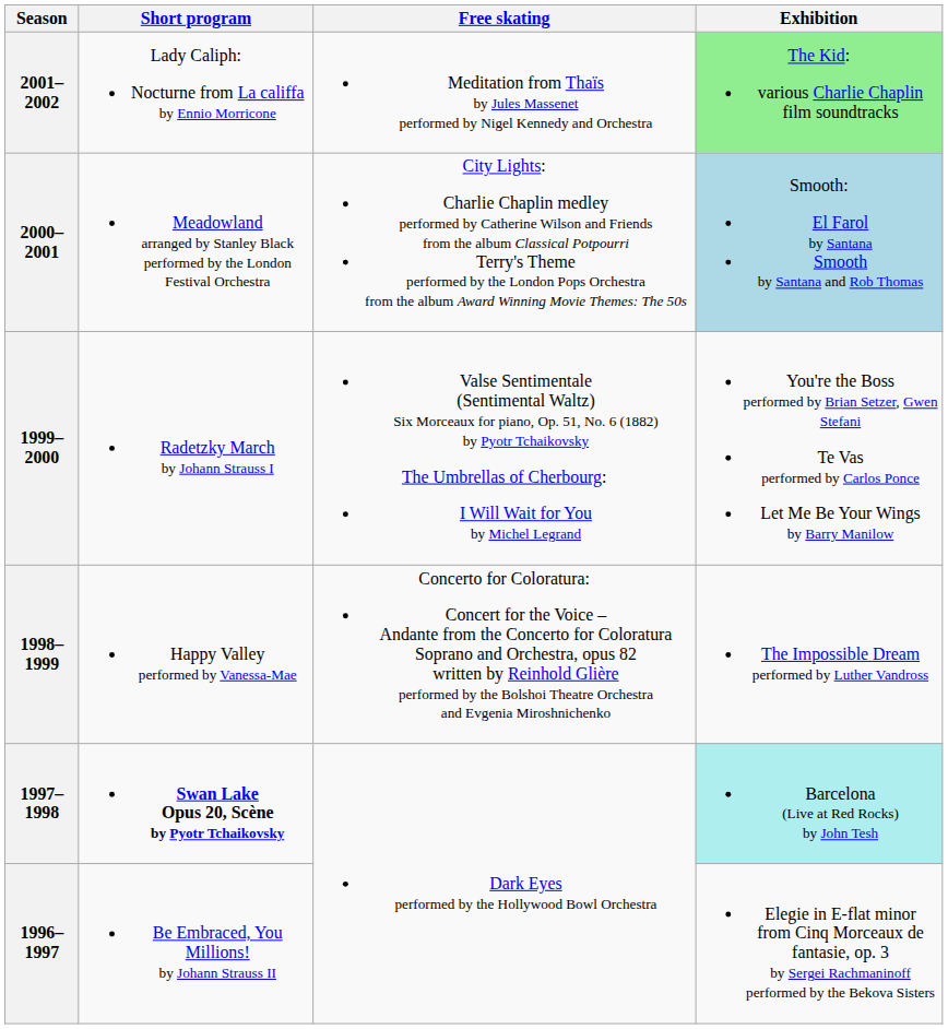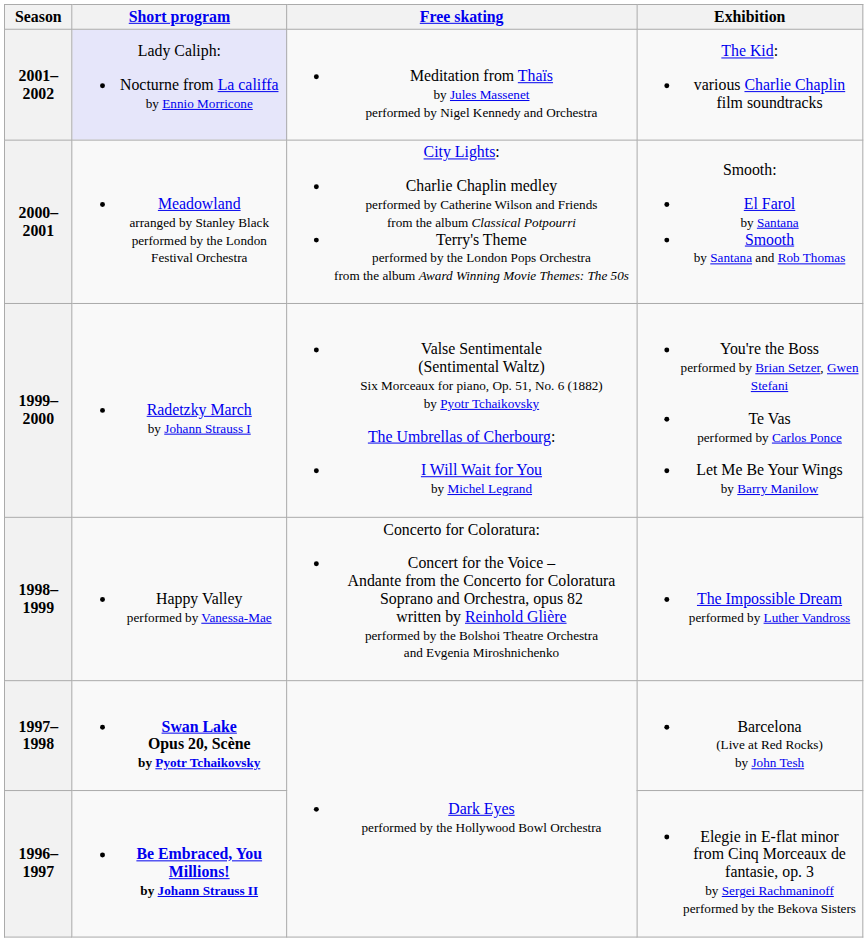 <table class="wikitable" style="text-align:center">
 <tr>
 <th>Season</th>
 <th><a href='#'>Short program</a></th>
 <th><a href='#'>Free skating</a></th>
 <th>Exhibition</th>
 </tr>
 <tr>
 <th>2001–2002 <br> </th>
-<td>Lady Caliph:<br><ul><li>Nocturne from <a href='#'>La califfa</a> <br><small> by <a href='#'>Ennio Morricone</a> </small></li></ul></td>
+<td style="background: lavender;">Lady Caliph:<br><ul><li>Nocturne from <a href='#'>La califfa</a> <br><small> by <a href='#'>Ennio Morricone</a> </small></li></ul></td>
 <td><br><ul><li>Meditation from <a href='#'>Thaïs</a> <br><small> by <a href='#'>Jules Massenet</a> <br> performed by Nigel Kennedy and Orchestra</small></li></ul></td>
-<td style="background: lightgreen;"><a href='#'>The Kid</a>:<br><ul><li>various <a href='#'>Charlie Chaplin</a> film soundtracks</li></ul></td>
+<td><a href='#'>The Kid</a>:<br><ul><li>various <a href='#'>Charlie Chaplin</a> film soundtracks</li></ul></td>
 </tr>
 <tr>
 <th>2000–2001 <br> </th>
 <td><br><ul><li><a href='#'>Meadowland</a> <br><small> arranged by Stanley Black <br> performed by the London Festival Orchestra </small></li></ul></td>
 <td><a href='#'>City Lights</a>:<br><ul><li>Charlie Chaplin medley <br><small> performed by Catherine Wilson and Friends <br> from the album <em>Classical Potpourri</em></small></li><li>Terry's Theme <br><small> performed by the London Pops Orchestra <br> from the album <em>Award Winning Movie Themes: The 50s</em> </small></li></ul></td>
-<td style="background: lightblue;">Smooth:<br><ul><li><a href='#'>El Farol</a> <br><small> by <a href='#'>Santana</a> </small></li><li><a href='#'>Smooth</a> <br><small> by <a href='#'>Santana</a> and <a href='#'>Rob Thomas</a> </small></li></ul></td>
+<td>Smooth:<br><ul><li><a href='#'>El Farol</a> <br><small> by <a href='#'>Santana</a> </small></li><li><a href='#'>Smooth</a> <br><small> by <a href='#'>Santana</a> and <a href='#'>Rob Thomas</a> </small></li></ul></td>
 </tr>
 <tr>
 <th>1999–2000</th>
 <td><br><ul><li><a href='#'>Radetzky March</a> <br><small> by <a href='#'>Johann Strauss I</a> </small></li></ul></td>
 <td><br><ul><li>Valse Sentimentale <br> (Sentimental Waltz) <br><small> Six Morceaux for piano, Op. 51, No. 6 (1882) <br> by <a href='#'>Pyotr Tchaikovsky</a> </small></li></ul><a href='#'>The Umbrellas of Cherbourg</a>:<ul><li><a href='#'>I Will Wait for You</a> <br><small> by <a href='#'>Michel Legrand</a> </small></li></ul></td>
 <td><br><ul><li>You're the Boss <br><small> performed by <a href='#'>Brian Setzer</a>, <a href='#'>Gwen Stefani</a> </small></li></ul><ul><li>Te Vas <br><small> performed by <a href='#'>Carlos Ponce</a> </small></li></ul><ul><li>Let Me Be Your Wings <br><small> by <a href='#'>Barry Manilow</a> </small></li></ul></td>
 </tr>
 <tr>
 <th>1998–1999</th>
 <td><br><ul><li>Happy Valley <br><small> performed by <a href='#'>Vanessa-Mae</a> </small></li></ul></td>
 <td>Concerto for Coloratura:<br><ul><li>Concert for the Voice – <br> Andante from the Concerto for Coloratura Soprano and Orchestra, opus 82 <br> written by <a href='#'>Reinhold Glière</a> <br><small> performed by the Bolshoi Theatre Orchestra <br> and Evgenia Miroshnichenko </small></li></ul></td>
 <td><br><ul><li><a href='#'>The Impossible Dream</a> <br><small> performed by <a href='#'>Luther Vandross</a> </small></li></ul></td>
 </tr>
 <tr>
 <th>1997–1998</th>
 <td><strong><br><ul><li><a href='#'>Swan Lake</a> <br>Opus 20, Scène <br><small> by <a href='#'>Pyotr Tchaikovsky</a> </small></li></ul></strong></td>
 <td rowspan=2><br><ul><li><a href='#'>Dark Eyes</a> <br><small> performed by the Hollywood Bowl Orchestra </small></li></ul></td>
-<td style="background: paleturquoise;"><br><ul><li>Barcelona <br><small> (Live at Red Rocks) <br> by <a href='#'>John Tesh</a> </small></li></ul></td>
+<td><br><ul><li>Barcelona <br><small> (Live at Red Rocks) <br> by <a href='#'>John Tesh</a> </small></li></ul></td>
 </tr>
 <tr>
 <th>1996–1997</th>
-<td><br><ul><li><a href='#'>Be Embraced, You Millions!</a> <br><small> by <a href='#'>Johann Strauss II</a> </small></li></ul></td>
+<td><strong><br><ul><li><a href='#'>Be Embraced, You Millions!</a> <br><small> by <a href='#'>Johann Strauss II</a> </small></li></ul></strong></td>
 <td><br><ul><li>Elegie in E-flat minor <br> from Cinq Morceaux de fantasie, op. 3 <br><small> by <a href='#'>Sergei Rachmaninoff</a> <br> performed by the Bekova Sisters </small></li></ul></td>
 </tr>
 </table>
